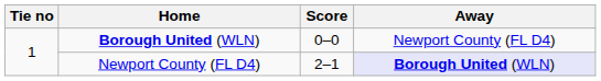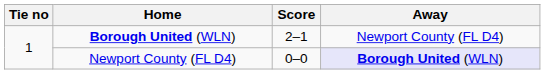 <table class="wikitable" style="text-align:center">
 <tr>
 <th width=50>Tie no</th>
 <th width=250>Home</th>
 <th width=50>Score</th>
 <th width=250>Away</th>
 </tr>
 <tr>
 <td rowspan=2>1</td>
 <td><strong><a href='#'>Borough United</a></strong> (<a href='#'>WLN</a>)</td>
-<td>0–0</td>
+<td>2–1</td>
 <td><a href='#'>Newport County</a> (<a href='#'>FL D4</a>)</td>
 </tr>
 <tr>
 <td><a href='#'>Newport County</a> (<a href='#'>FL D4</a>)</td>
-<td>2–1</td>
+<td>0–0</td>
 <td style="background: lavender;"><strong><a href='#'>Borough United</a></strong> (<a href='#'>WLN</a>)</td>
 </tr>
 </table>
